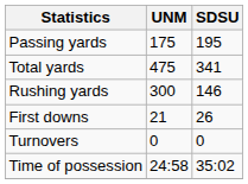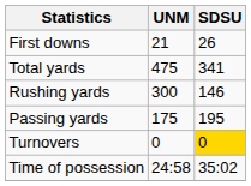 <table class="wikitable" style="float: left;">
 <tr>
 <th>Statistics</th>
 <th>UNM</th>
 <th>SDSU</th>
 </tr>
 <tr>
-<td>Passing yards</td>
-<td>175</td>
-<td>195</td>
+<td>First downs</td>
+<td>21</td>
+<td>26</td>
 </tr>
 <tr>
 <td>Total yards</td>
 <td>475</td>
 <td>341</td>
 </tr>
 <tr>
 <td>Rushing yards</td>
 <td>300</td>
 <td>146</td>
 </tr>
 <tr>
-<td>First downs</td>
-<td>21</td>
-<td>26</td>
+<td>Passing yards</td>
+<td>175</td>
+<td>195</td>
 </tr>
 <tr>
 <td>Turnovers</td>
 <td>0</td>
-<td>0</td>
+<td style="background: gold;">0</td>
 </tr>
 <tr>
 <td>Time of possession</td>
 <td>24:58</td>
 <td>35:02</td>
 </tr>
 <tr>
 </tr>
 </table>
